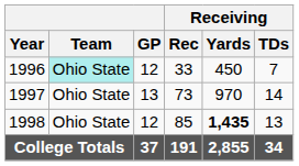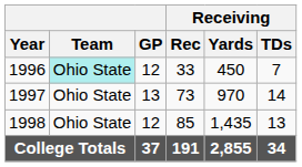 <table class="wikitable" style="text-align:center;">
 <tr>
 <th colspan=3></th>
 <th colspan=3>Receiving</th>
 </tr>
 <tr>
 <th>Year</th>
 <th>Team</th>
 <th>GP</th>
 <th>Rec</th>
 <th>Yards</th>
 <th>TDs</th>
 </tr>
 <tr>
 <td>1996</td>
 <td style="background: paleturquoise;">Ohio State</td>
 <td>12</td>
 <td>33</td>
 <td>450</td>
 <td>7</td>
 </tr>
 <tr>
 <td>1997</td>
 <td>Ohio State</td>
 <td>13</td>
 <td>73</td>
 <td>970</td>
 <td>14</td>
 </tr>
 <tr>
 <td>1998</td>
 <td>Ohio State</td>
 <td>12</td>
 <td>85</td>
-<td><strong>1,435</strong></td>
+<td>1,435</td>
 <td>13</td>
 </tr>
 <tr style="background:#555; font-weight:bold; color:white;">
 <td colspan=2>College Totals</td>
 <td>37</td>
 <td>191</td>
 <td>2,855</td>
 <td>34</td>
 </tr>
 </table>
